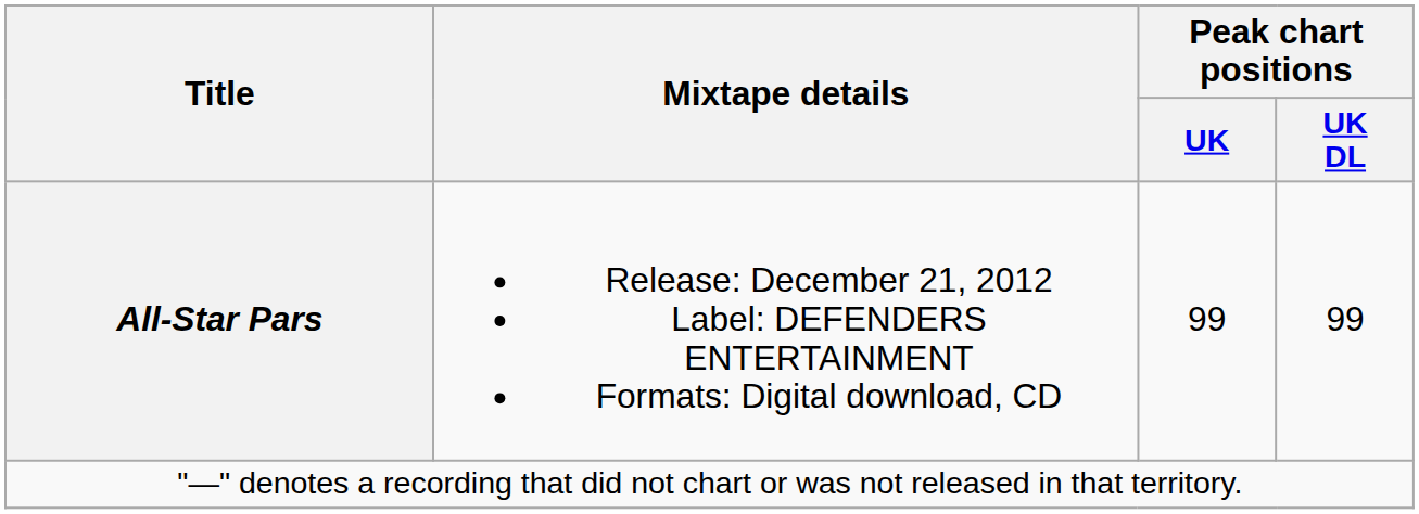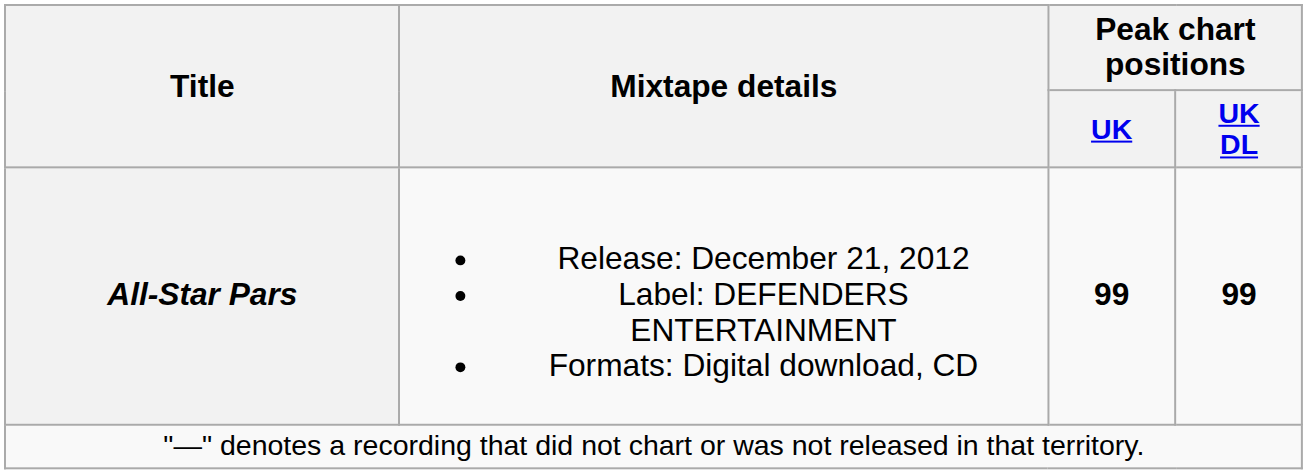 <table class="wikitable plainrowheaders" style="text-align:center;">
 <tr>
 <th scope="col" rowspan="2" style="width:12em;">Title</th>
 <th scope="col" rowspan="2" style="width:20em;">Mixtape details</th>
 <th scope="col" colspan="2">Peak chart positions</th>
 </tr>
 <tr>
 <th scope="col" style="width:4em;font-size:90%;"><a href='#'>UK</a></th>
 <th scope="col" style="width:4em;font-size:90%;"><a href='#'>UK<br>DL</a></th>
 </tr>
 <tr>
 <th scope="row"><em>All-Star Pars</em></th>
 <td><br><ul><li>Release: December 21, 2012</li><li>Label: DEFENDERS ENTERTAINMENT</li><li>Formats: Digital download, CD</li></ul></td>
-<td>99</td>
-<td>99</td>
+<td><strong>99</strong></td>
+<td><strong>99</strong></td>
 </tr>
 <tr>
 <td colspan="4" style="font-size:90%">"—" denotes a recording that did not chart or was not released in that territory.</td>
 </tr>
 </table>
